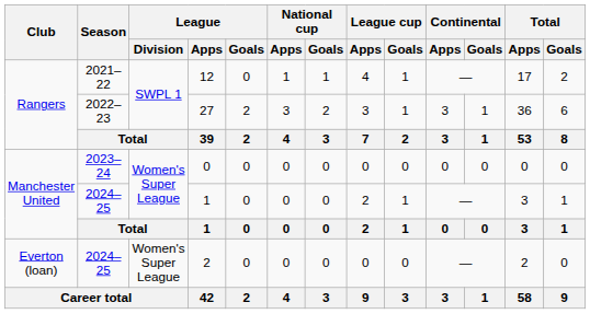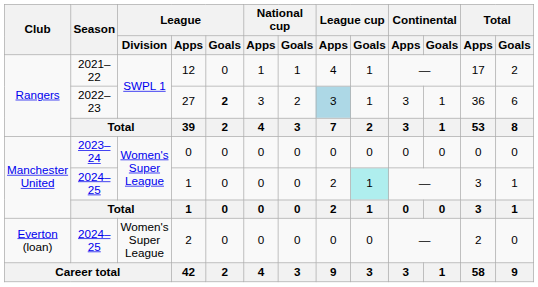 <table class="wikitable" style="text-align:center">
 <tr>
 <th rowspan="2">Club</th>
 <th rowspan="2">Season</th>
 <th colspan="3">League</th>
 <th colspan="2">National cup</th>
 <th colspan="2">League cup</th>
 <th colspan="2">Continental</th>
 <th colspan="2">Total</th>
 </tr>
 <tr>
 <th>Division</th>
 <th>Apps</th>
 <th>Goals</th>
 <th>Apps</th>
 <th>Goals</th>
 <th>Apps</th>
 <th>Goals</th>
 <th>Apps</th>
 <th>Goals</th>
 <th>Apps</th>
 <th>Goals</th>
 </tr>
 <tr>
 <td rowspan="3"><a href='#'>Rangers</a></td>
 <td>2021–22<br></td>
 <td rowspan="2"><a href='#'>SWPL 1</a></td>
 <td>12</td>
 <td>0</td>
 <td>1</td>
 <td>1</td>
 <td>4</td>
 <td>1</td>
 <td colspan="2">—</td>
 <td>17</td>
 <td>2</td>
 </tr>
 <tr>
 <td>2022–23</td>
 <td>27</td>
-<td>2</td>
+<td><strong>2</strong></td>
 <td>3</td>
 <td>2</td>
-<td>3</td>
+<td style="background: lightblue;">3</td>
 <td>1</td>
 <td>3</td>
 <td>1</td>
 <td>36</td>
 <td>6</td>
 </tr>
 <tr>
 <th colspan="2">Total</th>
 <th>39</th>
 <th>2</th>
 <th>4</th>
 <th>3</th>
 <th>7</th>
 <th>2</th>
 <th>3</th>
 <th>1</th>
 <th>53</th>
 <th>8</th>
 </tr>
 <tr>
 <td rowspan="3"><a href='#'>Manchester United</a></td>
 <td><a href='#'>2023–24</a></td>
 <td rowspan="2"><a href='#'>Women's Super League</a></td>
 <td>0</td>
 <td>0</td>
 <td>0</td>
 <td>0</td>
 <td>0</td>
 <td>0</td>
 <td>0</td>
 <td>0</td>
 <td>0</td>
 <td>0</td>
 </tr>
 <tr>
 <td><a href='#'>2024–25</a></td>
 <td>1</td>
 <td>0</td>
 <td>0</td>
 <td>0</td>
 <td>2</td>
-<td>1</td>
+<td style="background: paleturquoise;">1</td>
 <td colspan="2">—</td>
 <td>3</td>
 <td>1</td>
 </tr>
 <tr>
 <th colspan="2">Total</th>
 <th>1</th>
 <th>0</th>
 <th>0</th>
 <th>0</th>
 <th>2</th>
 <th>1</th>
 <th>0</th>
 <th>0</th>
 <th>3</th>
 <th>1</th>
 </tr>
 <tr>
 <td><a href='#'>Everton</a> (loan)</td>
 <td><a href='#'>2024–25</a></td>
 <td>Women's Super League</td>
 <td>2</td>
 <td>0</td>
 <td>0</td>
 <td>0</td>
 <td>0</td>
 <td>0</td>
 <td colspan="2">—</td>
 <td>2</td>
 <td>0</td>
 </tr>
 <tr>
 <th colspan="3">Career total</th>
 <th>42</th>
 <th>2</th>
 <th>4</th>
 <th>3</th>
 <th>9</th>
 <th>3</th>
 <th>3</th>
 <th>1</th>
 <th>58</th>
 <th>9</th>
 </tr>
 </table>
